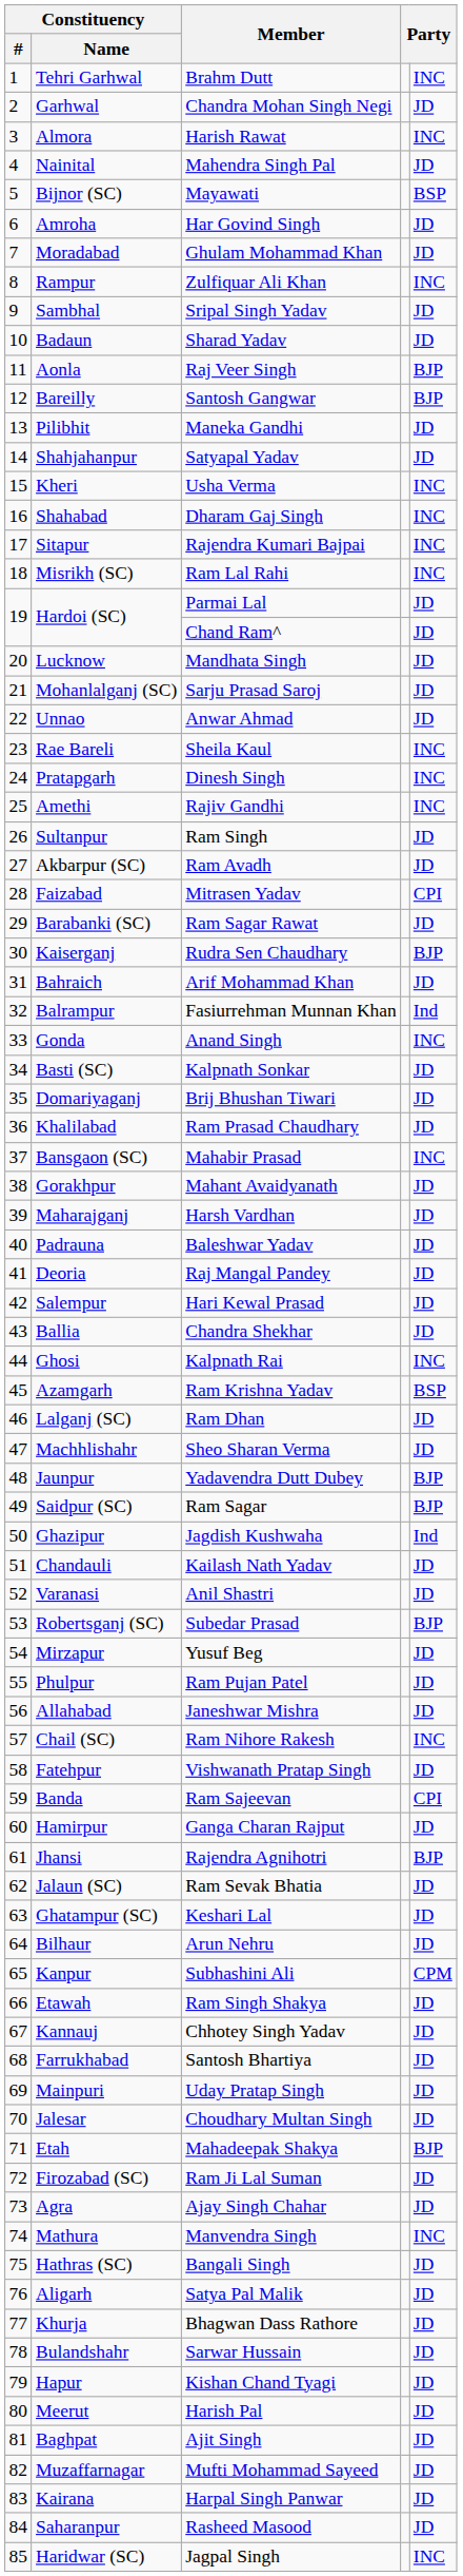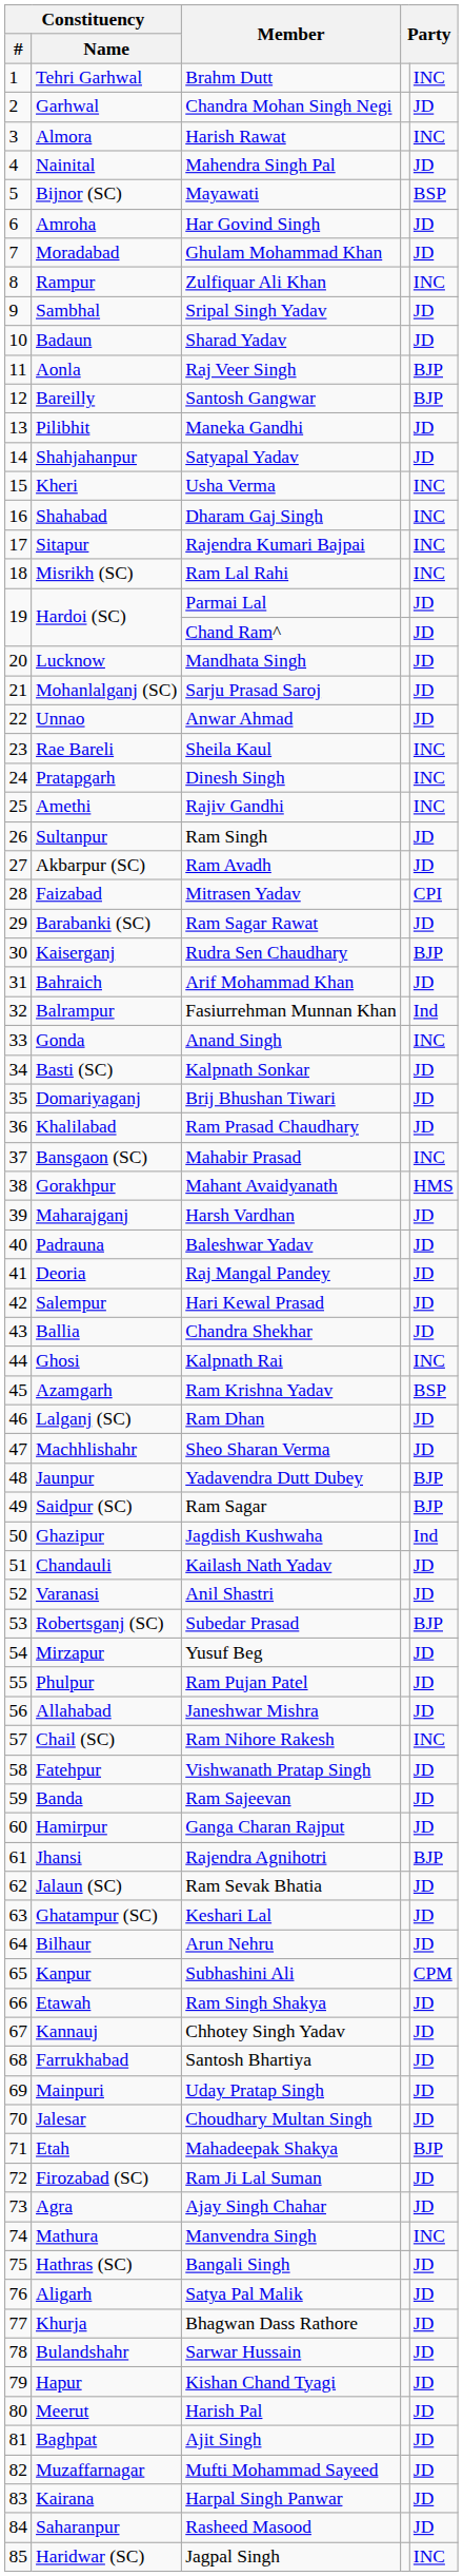 <table class="wikitable sortable">
 <tr>
 <th colspan="2">Constituency</th>
 <th rowspan="2">Member</th>
 <th colspan="2" rowspan="2">Party</th>
 </tr>
 <tr>
 <th>#</th>
 <th>Name</th>
 </tr>
 <tr>
 <td>1</td>
 <td><a href='#'>Tehri Garhwal</a></td>
 <td><a href='#'>Brahm Dutt</a></td>
 <td style="background-color: "></td>
 <td><a href='#'>INC</a></td>
 </tr>
 <tr>
 <td>2</td>
 <td><a href='#'>Garhwal</a></td>
 <td><a href='#'>Chandra Mohan Singh Negi</a></td>
 <td style="background-color: "></td>
 <td><a href='#'>JD</a></td>
 </tr>
 <tr>
 <td>3</td>
 <td><a href='#'>Almora</a></td>
 <td><a href='#'>Harish Rawat</a></td>
 <td style="background-color: "></td>
 <td><a href='#'>INC</a></td>
 </tr>
 <tr>
 <td>4</td>
 <td><a href='#'>Nainital</a></td>
 <td><a href='#'>Mahendra Singh Pal</a></td>
 <td style="background-color: "></td>
 <td><a href='#'>JD</a></td>
 </tr>
 <tr>
 <td>5</td>
 <td><a href='#'>Bijnor</a> (SC)</td>
 <td><a href='#'>Mayawati</a></td>
 <td style="background-color: "></td>
 <td><a href='#'>BSP</a></td>
 </tr>
 <tr>
 <td>6</td>
 <td><a href='#'>Amroha</a></td>
 <td><a href='#'>Har Govind Singh</a></td>
 <td style="background-color: "></td>
 <td><a href='#'>JD</a></td>
 </tr>
 <tr>
 <td>7</td>
 <td><a href='#'>Moradabad</a></td>
 <td><a href='#'>Ghulam Mohammad Khan</a></td>
 <td style="background-color: "></td>
 <td><a href='#'>JD</a></td>
 </tr>
 <tr>
 <td>8</td>
 <td><a href='#'>Rampur</a></td>
 <td><a href='#'>Zulfiquar Ali Khan</a></td>
 <td style="background-color: "></td>
 <td><a href='#'>INC</a></td>
 </tr>
 <tr>
 <td>9</td>
 <td><a href='#'>Sambhal</a></td>
 <td><a href='#'>Sripal Singh Yadav</a></td>
 <td style="background-color: "></td>
 <td><a href='#'>JD</a></td>
 </tr>
 <tr>
 <td>10</td>
 <td><a href='#'>Badaun</a></td>
 <td><a href='#'>Sharad Yadav</a></td>
 <td style="background-color: "></td>
 <td><a href='#'>JD</a></td>
 </tr>
 <tr>
 <td>11</td>
 <td><a href='#'>Aonla</a></td>
 <td><a href='#'>Raj Veer Singh</a></td>
 <td style="background-color: "></td>
 <td><a href='#'>BJP</a></td>
 </tr>
 <tr>
 <td>12</td>
 <td><a href='#'>Bareilly</a></td>
 <td><a href='#'>Santosh Gangwar</a></td>
 <td style="background-color: "></td>
 <td><a href='#'>BJP</a></td>
 </tr>
 <tr>
 <td>13</td>
 <td><a href='#'>Pilibhit</a></td>
 <td><a href='#'>Maneka Gandhi</a></td>
 <td style="background-color: "></td>
 <td><a href='#'>JD</a></td>
 </tr>
 <tr>
 <td>14</td>
 <td><a href='#'>Shahjahanpur</a></td>
 <td><a href='#'>Satyapal Yadav</a></td>
 <td style="background-color: "></td>
 <td><a href='#'>JD</a></td>
 </tr>
 <tr>
 <td>15</td>
 <td><a href='#'>Kheri</a></td>
 <td><a href='#'>Usha Verma</a></td>
 <td style="background-color: "></td>
 <td><a href='#'>INC</a></td>
 </tr>
 <tr>
 <td>16</td>
 <td><a href='#'>Shahabad</a></td>
 <td><a href='#'>Dharam Gaj Singh</a></td>
 <td style="background-color: "></td>
 <td><a href='#'>INC</a></td>
 </tr>
 <tr>
 <td>17</td>
 <td><a href='#'>Sitapur</a></td>
 <td><a href='#'>Rajendra Kumari Bajpai</a></td>
 <td style="background-color: "></td>
 <td><a href='#'>INC</a></td>
 </tr>
 <tr>
 <td>18</td>
 <td><a href='#'>Misrikh</a> (SC)</td>
 <td><a href='#'>Ram Lal Rahi</a></td>
 <td style="background-color: "></td>
 <td><a href='#'>INC</a></td>
 </tr>
 <tr>
 <td rowspan="2">19</td>
 <td rowspan="2"><a href='#'>Hardoi</a> (SC)</td>
 <td><a href='#'>Parmai Lal</a></td>
 <td style="background-color: "></td>
 <td><a href='#'>JD</a></td>
 </tr>
 <tr>
 <td><a href='#'>Chand Ram</a>^</td>
 <td style="background-color: "></td>
 <td><a href='#'>JD</a></td>
 </tr>
 <tr>
 <td>20</td>
 <td><a href='#'>Lucknow</a></td>
 <td><a href='#'>Mandhata Singh</a></td>
 <td style="background-color: "></td>
 <td><a href='#'>JD</a></td>
 </tr>
 <tr>
 <td>21</td>
 <td><a href='#'>Mohanlalganj</a> (SC)</td>
 <td><a href='#'>Sarju Prasad Saroj</a></td>
 <td style="background-color: "></td>
 <td><a href='#'>JD</a></td>
 </tr>
 <tr>
 <td>22</td>
 <td><a href='#'>Unnao</a></td>
 <td><a href='#'>Anwar Ahmad</a></td>
 <td style="background-color: "></td>
 <td><a href='#'>JD</a></td>
 </tr>
 <tr>
 <td>23</td>
 <td><a href='#'>Rae Bareli</a></td>
 <td><a href='#'>Sheila Kaul</a></td>
 <td style="background-color: "></td>
 <td><a href='#'>INC</a></td>
 </tr>
 <tr>
 <td>24</td>
 <td><a href='#'>Pratapgarh</a></td>
 <td><a href='#'>Dinesh Singh</a></td>
 <td style="background-color: "></td>
 <td><a href='#'>INC</a></td>
 </tr>
 <tr>
 <td>25</td>
 <td><a href='#'>Amethi</a></td>
 <td><a href='#'>Rajiv Gandhi</a></td>
 <td style="background-color: "></td>
 <td><a href='#'>INC</a></td>
 </tr>
 <tr>
 <td>26</td>
 <td><a href='#'>Sultanpur</a></td>
 <td>Ram Singh</td>
 <td style="background-color: "></td>
 <td><a href='#'>JD</a></td>
 </tr>
 <tr>
 <td>27</td>
 <td>Akbarpur (SC)</td>
 <td><a href='#'>Ram Avadh</a></td>
 <td style="background-color: "></td>
 <td><a href='#'>JD</a></td>
 </tr>
 <tr>
 <td>28</td>
 <td><a href='#'>Faizabad</a></td>
 <td><a href='#'>Mitrasen Yadav</a></td>
 <td style="background-color: "></td>
 <td><a href='#'>CPI</a></td>
 </tr>
 <tr>
 <td>29</td>
 <td><a href='#'>Barabanki</a> (SC)</td>
 <td><a href='#'>Ram Sagar Rawat</a></td>
 <td style="background-color: "></td>
 <td><a href='#'>JD</a></td>
 </tr>
 <tr>
 <td>30</td>
 <td><a href='#'>Kaiserganj</a></td>
 <td><a href='#'>Rudra Sen Chaudhary</a></td>
 <td style="background-color: "></td>
 <td><a href='#'>BJP</a></td>
 </tr>
 <tr>
 <td>31</td>
 <td><a href='#'>Bahraich</a></td>
 <td><a href='#'>Arif Mohammad Khan</a></td>
 <td style="background-color: "></td>
 <td><a href='#'>JD</a></td>
 </tr>
 <tr>
 <td>32</td>
 <td><a href='#'>Balrampur</a></td>
 <td>Fasiurrehman Munnan Khan</td>
 <td style="background-color: "></td>
 <td><a href='#'>Ind</a></td>
 </tr>
 <tr>
 <td>33</td>
 <td><a href='#'>Gonda</a></td>
 <td><a href='#'>Anand Singh</a></td>
 <td style="background-color: "></td>
 <td><a href='#'>INC</a></td>
 </tr>
 <tr>
 <td>34</td>
 <td><a href='#'>Basti</a> (SC)</td>
 <td><a href='#'>Kalpnath Sonkar</a></td>
 <td style="background-color: "></td>
 <td><a href='#'>JD</a></td>
 </tr>
 <tr>
 <td>35</td>
 <td><a href='#'>Domariyaganj</a></td>
 <td><a href='#'>Brij Bhushan Tiwari</a></td>
 <td style="background-color: "></td>
 <td><a href='#'>JD</a></td>
 </tr>
 <tr>
 <td>36</td>
 <td><a href='#'>Khalilabad</a></td>
 <td><a href='#'>Ram Prasad Chaudhary</a></td>
 <td style="background-color: "></td>
 <td><a href='#'>JD</a></td>
 </tr>
 <tr>
 <td>37</td>
 <td><a href='#'>Bansgaon</a> (SC)</td>
 <td><a href='#'>Mahabir Prasad</a></td>
 <td style="background-color: "></td>
 <td><a href='#'>INC</a></td>
 </tr>
 <tr>
 <td>38</td>
 <td><a href='#'>Gorakhpur</a></td>
 <td><a href='#'>Mahant Avaidyanath</a></td>
 <td style="background-color: "></td>
-<td><a href='#'>JD</a></td>
+<td><a href='#'>HMS</a></td>
 </tr>
 <tr>
 <td>39</td>
 <td><a href='#'>Maharajganj</a></td>
 <td><a href='#'>Harsh Vardhan</a></td>
 <td style="background-color: "></td>
 <td><a href='#'>JD</a></td>
 </tr>
 <tr>
 <td>40</td>
 <td><a href='#'>Padrauna</a></td>
 <td><a href='#'>Baleshwar Yadav</a></td>
 <td style="background-color: "></td>
 <td><a href='#'>JD</a></td>
 </tr>
 <tr>
 <td>41</td>
 <td><a href='#'>Deoria</a></td>
 <td><a href='#'>Raj Mangal Pandey</a></td>
 <td style="background-color: "></td>
 <td><a href='#'>JD</a></td>
 </tr>
 <tr>
 <td>42</td>
 <td><a href='#'>Salempur</a></td>
 <td><a href='#'>Hari Kewal Prasad</a></td>
 <td style="background-color: "></td>
 <td><a href='#'>JD</a></td>
 </tr>
 <tr>
 <td>43</td>
 <td><a href='#'>Ballia</a></td>
 <td><a href='#'>Chandra Shekhar</a></td>
 <td style="background-color: "></td>
 <td><a href='#'>JD</a></td>
 </tr>
 <tr>
 <td>44</td>
 <td><a href='#'>Ghosi</a></td>
 <td><a href='#'>Kalpnath Rai</a></td>
 <td style="background-color: "></td>
 <td><a href='#'>INC</a></td>
 </tr>
 <tr>
 <td>45</td>
 <td><a href='#'>Azamgarh</a></td>
 <td><a href='#'>Ram Krishna Yadav</a></td>
 <td style="background-color: "></td>
 <td><a href='#'>BSP</a></td>
 </tr>
 <tr>
 <td>46</td>
 <td><a href='#'>Lalganj</a> (SC)</td>
 <td><a href='#'>Ram Dhan</a></td>
 <td style="background-color: "></td>
 <td><a href='#'>JD</a></td>
 </tr>
 <tr>
 <td>47</td>
 <td><a href='#'>Machhlishahr</a></td>
 <td><a href='#'>Sheo Sharan Verma</a></td>
 <td style="background-color: "></td>
 <td><a href='#'>JD</a></td>
 </tr>
 <tr>
 <td>48</td>
 <td><a href='#'>Jaunpur</a></td>
 <td><a href='#'>Yadavendra Dutt Dubey</a></td>
 <td style="background-color: "></td>
 <td><a href='#'>BJP</a></td>
 </tr>
 <tr>
 <td>49</td>
 <td><a href='#'>Saidpur</a> (SC)</td>
 <td>Ram Sagar</td>
 <td style="background-color: "></td>
 <td><a href='#'>BJP</a></td>
 </tr>
 <tr>
 <td>50</td>
 <td><a href='#'>Ghazipur</a></td>
 <td><a href='#'>Jagdish Kushwaha</a></td>
 <td style="background-color: "></td>
 <td><a href='#'>Ind</a></td>
 </tr>
 <tr>
 <td>51</td>
 <td><a href='#'>Chandauli</a></td>
 <td><a href='#'>Kailash Nath Yadav</a></td>
 <td style="background-color: "></td>
 <td><a href='#'>JD</a></td>
 </tr>
 <tr>
 <td>52</td>
 <td><a href='#'>Varanasi</a></td>
 <td><a href='#'>Anil Shastri</a></td>
 <td style="background-color: "></td>
 <td><a href='#'>JD</a></td>
 </tr>
 <tr>
 <td>53</td>
 <td><a href='#'>Robertsganj</a> (SC)</td>
 <td><a href='#'>Subedar Prasad</a></td>
 <td style="background-color: "></td>
 <td><a href='#'>BJP</a></td>
 </tr>
 <tr>
 <td>54</td>
 <td><a href='#'>Mirzapur</a></td>
 <td>Yusuf Beg</td>
 <td style="background-color: "></td>
 <td><a href='#'>JD</a></td>
 </tr>
 <tr>
 <td>55</td>
 <td><a href='#'>Phulpur</a></td>
 <td><a href='#'>Ram Pujan Patel</a></td>
 <td style="background-color: "></td>
 <td><a href='#'>JD</a></td>
 </tr>
 <tr>
 <td>56</td>
 <td><a href='#'>Allahabad</a></td>
 <td><a href='#'>Janeshwar Mishra</a></td>
 <td style="background-color: "></td>
 <td><a href='#'>JD</a></td>
 </tr>
 <tr>
 <td>57</td>
 <td><a href='#'>Chail</a> (SC)</td>
 <td><a href='#'>Ram Nihore Rakesh</a></td>
 <td style="background-color: "></td>
 <td><a href='#'>INC</a></td>
 </tr>
 <tr>
 <td>58</td>
 <td><a href='#'>Fatehpur</a></td>
 <td><a href='#'>Vishwanath Pratap Singh</a></td>
 <td style="background-color: "></td>
 <td><a href='#'>JD</a></td>
 </tr>
 <tr>
 <td>59</td>
 <td><a href='#'>Banda</a></td>
 <td><a href='#'>Ram Sajeevan</a></td>
 <td style="background-color: "></td>
-<td><a href='#'>CPI</a></td>
+<td><a href='#'>JD</a></td>
 </tr>
 <tr>
 <td>60</td>
 <td><a href='#'>Hamirpur</a></td>
 <td><a href='#'>Ganga Charan Rajput</a></td>
 <td style="background-color: "></td>
 <td><a href='#'>JD</a></td>
 </tr>
 <tr>
 <td>61</td>
 <td><a href='#'>Jhansi</a></td>
 <td><a href='#'>Rajendra Agnihotri</a></td>
 <td style="background-color: "></td>
 <td><a href='#'>BJP</a></td>
 </tr>
 <tr>
 <td>62</td>
 <td><a href='#'>Jalaun</a> (SC)</td>
 <td>Ram Sevak Bhatia</td>
 <td style="background-color: "></td>
 <td><a href='#'>JD</a></td>
 </tr>
 <tr>
 <td>63</td>
 <td><a href='#'>Ghatampur</a> (SC)</td>
 <td><a href='#'>Keshari Lal</a></td>
 <td style="background-color: "></td>
 <td><a href='#'>JD</a></td>
 </tr>
 <tr>
 <td>64</td>
 <td><a href='#'>Bilhaur</a></td>
 <td><a href='#'>Arun Nehru</a></td>
 <td style="background-color: "></td>
 <td><a href='#'>JD</a></td>
 </tr>
 <tr>
 <td>65</td>
 <td><a href='#'>Kanpur</a></td>
 <td><a href='#'>Subhashini Ali</a></td>
 <td style="background-color: "></td>
 <td><a href='#'>CPM</a></td>
 </tr>
 <tr>
 <td>66</td>
 <td><a href='#'>Etawah</a></td>
 <td><a href='#'>Ram Singh Shakya</a></td>
 <td style="background-color: "></td>
 <td><a href='#'>JD</a></td>
 </tr>
 <tr>
 <td>67</td>
 <td><a href='#'>Kannauj</a></td>
 <td>Chhotey Singh Yadav</td>
 <td style="background-color: "></td>
 <td><a href='#'>JD</a></td>
 </tr>
 <tr>
 <td>68</td>
 <td><a href='#'>Farrukhabad</a></td>
 <td>Santosh Bhartiya</td>
 <td style="background-color: "></td>
 <td><a href='#'>JD</a></td>
 </tr>
 <tr>
 <td>69</td>
 <td><a href='#'>Mainpuri</a></td>
 <td><a href='#'>Uday Pratap Singh</a></td>
 <td style="background-color: "></td>
 <td><a href='#'>JD</a></td>
 </tr>
 <tr>
 <td>70</td>
 <td><a href='#'>Jalesar</a></td>
 <td><a href='#'>Choudhary Multan Singh</a></td>
 <td style="background-color: "></td>
 <td><a href='#'>JD</a></td>
 </tr>
 <tr>
 <td>71</td>
 <td><a href='#'>Etah</a></td>
 <td><a href='#'>Mahadeepak Shakya</a></td>
 <td style="background-color: "></td>
 <td><a href='#'>BJP</a></td>
 </tr>
 <tr>
 <td>72</td>
 <td><a href='#'>Firozabad</a> (SC)</td>
 <td><a href='#'>Ram Ji Lal Suman</a></td>
 <td style="background-color: "></td>
 <td><a href='#'>JD</a></td>
 </tr>
 <tr>
 <td>73</td>
 <td><a href='#'>Agra</a></td>
 <td><a href='#'>Ajay Singh Chahar</a></td>
 <td style="background-color: "></td>
 <td><a href='#'>JD</a></td>
 </tr>
 <tr>
 <td>74</td>
 <td><a href='#'>Mathura</a></td>
 <td><a href='#'>Manvendra Singh</a></td>
 <td style="background-color: "></td>
 <td><a href='#'>INC</a></td>
 </tr>
 <tr>
 <td>75</td>
 <td><a href='#'>Hathras</a> (SC)</td>
 <td><a href='#'>Bangali Singh</a></td>
 <td style="background-color: "></td>
 <td><a href='#'>JD</a></td>
 </tr>
 <tr>
 <td>76</td>
 <td><a href='#'>Aligarh</a></td>
 <td><a href='#'>Satya Pal Malik</a></td>
 <td style="background-color: "></td>
 <td><a href='#'>JD</a></td>
 </tr>
 <tr>
 <td>77</td>
 <td><a href='#'>Khurja</a></td>
 <td>Bhagwan Dass Rathore</td>
 <td style="background-color: "></td>
 <td><a href='#'>JD</a></td>
 </tr>
 <tr>
 <td>78</td>
 <td><a href='#'>Bulandshahr</a></td>
 <td><a href='#'>Sarwar Hussain</a></td>
 <td style="background-color: "></td>
 <td><a href='#'>JD</a></td>
 </tr>
 <tr>
 <td>79</td>
 <td><a href='#'>Hapur</a></td>
 <td><a href='#'>Kishan Chand Tyagi</a></td>
 <td style="background-color: "></td>
 <td><a href='#'>JD</a></td>
 </tr>
 <tr>
 <td>80</td>
 <td><a href='#'>Meerut</a></td>
 <td><a href='#'>Harish Pal</a></td>
 <td style="background-color: "></td>
 <td><a href='#'>JD</a></td>
 </tr>
 <tr>
 <td>81</td>
 <td><a href='#'>Baghpat</a></td>
 <td><a href='#'>Ajit Singh</a></td>
 <td style="background-color: "></td>
 <td><a href='#'>JD</a></td>
 </tr>
 <tr>
 <td>82</td>
 <td><a href='#'>Muzaffarnagar</a></td>
 <td><a href='#'>Mufti Mohammad Sayeed</a></td>
 <td style="background-color: "></td>
 <td><a href='#'>JD</a></td>
 </tr>
 <tr>
 <td>83</td>
 <td><a href='#'>Kairana</a></td>
 <td><a href='#'>Harpal Singh Panwar</a></td>
 <td style="background-color: "></td>
 <td><a href='#'>JD</a></td>
 </tr>
 <tr>
 <td>84</td>
 <td><a href='#'>Saharanpur</a></td>
 <td><a href='#'>Rasheed Masood</a></td>
 <td style="background-color: "></td>
 <td><a href='#'>JD</a></td>
 </tr>
 <tr>
 <td>85</td>
 <td><a href='#'>Haridwar</a> (SC)</td>
 <td>Jagpal Singh</td>
 <td style="background-color: "></td>
 <td><a href='#'>INC</a></td>
 </tr>
 </table>
